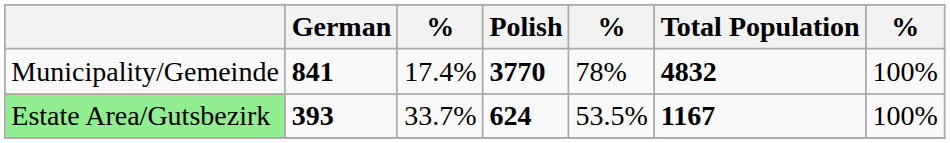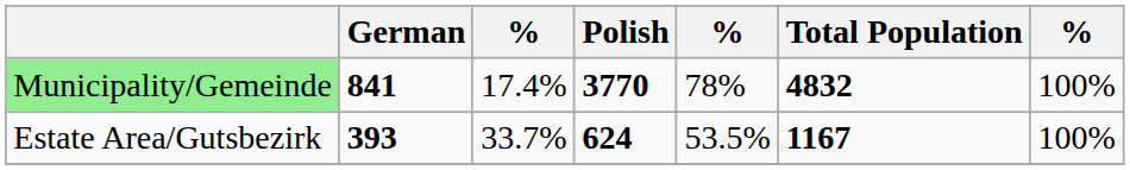 <table class="wikitable">
 <tr>
 <th> </th>
 <th colspan=2>German</th>
 <th colspan=3>%</th>
 <th colspan=4>Polish</th>
 <th colspan=5>%</th>
 <th colspan=6>Total Population</th>
 <th colspan=7>%</th>
 </tr>
 <tr>
-<td>Municipality/Gemeinde</td>
+<td style="background: lightgreen;">Municipality/Gemeinde</td>
 <td colspan=2><strong>841</strong></td>
 <td colspan=3>17.4%</td>
 <td colspan=4><strong>3770</strong></td>
 <td colspan=5>78%</td>
 <td colspan=6><strong>4832</strong></td>
 <td colspan=7>100%</td>
 </tr>
 <tr>
-<td style="background: lightgreen;">Estate Area/Gutsbezirk</td>
+<td>Estate Area/Gutsbezirk</td>
 <td colspan=2><strong>393</strong></td>
 <td colspan=3>33.7%</td>
 <td colspan=4><strong>624</strong></td>
 <td colspan=5>53.5%</td>
 <td colspan=6><strong>1167</strong></td>
 <td colspan=7>100%</td>
 </tr>
 <tr>
 </tr>
 </table>
